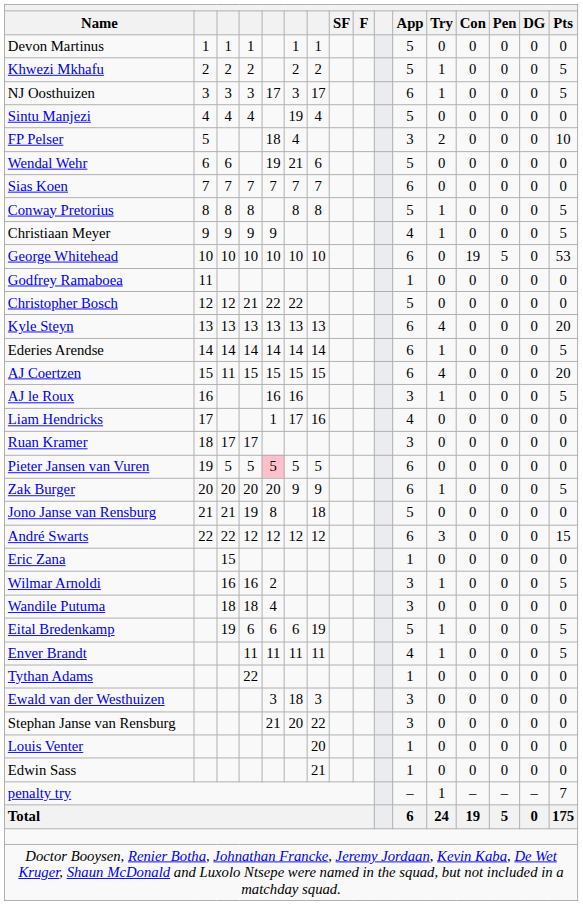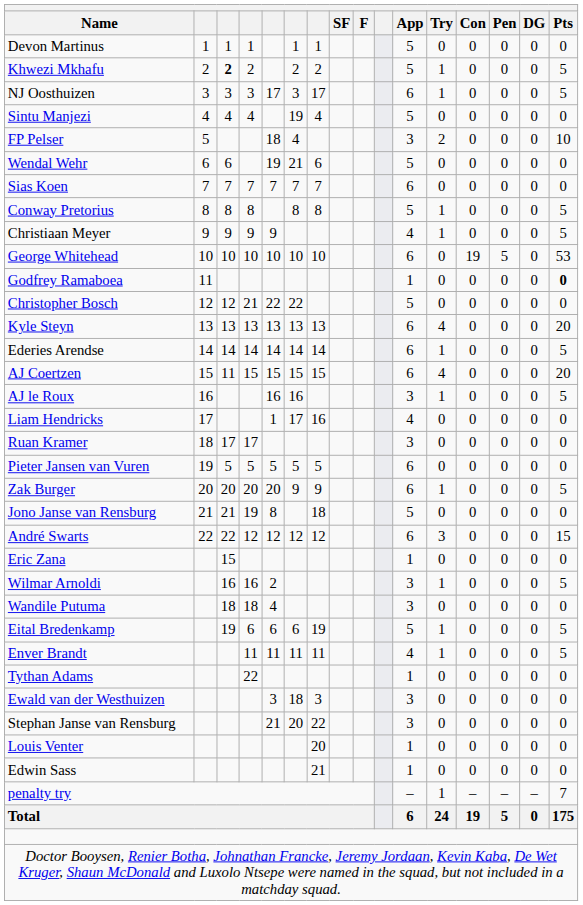 <table class="wikitable collapsible collapsed" style="text-align:center; font-size:100%; width:100%">
 <tr>
 <th colspan=16></th>
 </tr>
 <tr>
 <th style="width:40%;">Name</th>
 <th style="width:4%;"></th>
 <th style="width:4%;"></th>
 <th style="width:4%;"></th>
 <th style="width:4%;"></th>
 <th style="width:4%;"></th>
 <th style="width:4%;"></th>
 <th style="width:4%;">SF</th>
 <th style="width:4%;">F</th>
 <th style="width:4%;"></th>
 <th style="width:4%;">App</th>
 <th style="width:4%;">Try</th>
 <th style="width:4%;">Con</th>
 <th style="width:4%;">Pen</th>
 <th style="width:4%;">DG</th>
 <th style="width:4%;">Pts</th>
 </tr>
 <tr>
 <td style="text-align:left;">Devon Martinus</td>
 <td>1</td>
 <td>1</td>
 <td>1</td>
 <td></td>
 <td>1</td>
 <td>1</td>
 <td></td>
 <td></td>
 <td style="background:#EBECF0;"></td>
 <td>5</td>
 <td>0</td>
 <td>0</td>
 <td>0</td>
 <td>0</td>
 <td>0</td>
 </tr>
 <tr>
 <td style="text-align:left;"><a href='#'>Khwezi Mkhafu</a></td>
 <td>2</td>
-<td>2</td>
+<td><strong>2</strong></td>
 <td>2</td>
 <td></td>
 <td>2</td>
 <td>2</td>
 <td></td>
 <td></td>
 <td style="background:#EBECF0;"></td>
 <td>5</td>
 <td>1</td>
 <td>0</td>
 <td>0</td>
 <td>0</td>
 <td>5</td>
 </tr>
 <tr>
 <td style="text-align:left;">NJ Oosthuizen</td>
 <td>3</td>
 <td>3</td>
 <td>3</td>
 <td>17 </td>
 <td>3</td>
 <td>17 </td>
 <td></td>
 <td></td>
 <td style="background:#EBECF0;"></td>
 <td>6</td>
 <td>1</td>
 <td>0</td>
 <td>0</td>
 <td>0</td>
 <td>5</td>
 </tr>
 <tr>
 <td style="text-align:left;"><a href='#'>Sintu Manjezi</a></td>
 <td>4</td>
 <td>4</td>
 <td>4</td>
 <td></td>
 <td>19 </td>
 <td>4</td>
 <td></td>
 <td></td>
 <td style="background:#EBECF0;"></td>
 <td>5</td>
 <td>0</td>
 <td>0</td>
 <td>0</td>
 <td>0</td>
 <td>0</td>
 </tr>
 <tr>
 <td style="text-align:left;"><a href='#'>FP Pelser</a></td>
 <td>5</td>
 <td></td>
 <td></td>
 <td>18 </td>
 <td>4</td>
 <td></td>
 <td></td>
 <td></td>
 <td style="background:#EBECF0;"></td>
 <td>3</td>
 <td>2</td>
 <td>0</td>
 <td>0</td>
 <td>0</td>
 <td>10</td>
 </tr>
 <tr>
 <td style="text-align:left;"><a href='#'>Wendal Wehr</a></td>
 <td>6</td>
 <td>6</td>
 <td></td>
 <td>19 </td>
 <td>21 </td>
 <td>6</td>
 <td></td>
 <td></td>
 <td style="background:#EBECF0;"></td>
 <td>5</td>
 <td>0</td>
 <td>0</td>
 <td>0</td>
 <td>0</td>
 <td>0</td>
 </tr>
 <tr>
 <td style="text-align:left;"><a href='#'>Sias Koen</a></td>
 <td>7</td>
 <td>7</td>
 <td>7</td>
 <td>7</td>
 <td>7</td>
 <td>7</td>
 <td></td>
 <td></td>
 <td style="background:#EBECF0;"></td>
 <td>6</td>
 <td>0</td>
 <td>0</td>
 <td>0</td>
 <td>0</td>
 <td>0</td>
 </tr>
 <tr>
 <td style="text-align:left;"><a href='#'>Conway Pretorius</a></td>
 <td>8</td>
 <td>8</td>
 <td>8</td>
 <td></td>
 <td>8</td>
 <td>8</td>
 <td></td>
 <td></td>
 <td style="background:#EBECF0;"></td>
 <td>5</td>
 <td>1</td>
 <td>0</td>
 <td>0</td>
 <td>0</td>
 <td>5</td>
 </tr>
 <tr>
 <td style="text-align:left;">Christiaan Meyer</td>
 <td>9</td>
 <td>9</td>
 <td>9</td>
 <td>9</td>
 <td></td>
 <td></td>
 <td></td>
 <td></td>
 <td style="background:#EBECF0;"></td>
 <td>4</td>
 <td>1</td>
 <td>0</td>
 <td>0</td>
 <td>0</td>
 <td>5</td>
 </tr>
 <tr>
 <td style="text-align:left;"><a href='#'>George Whitehead</a></td>
 <td>10</td>
 <td>10</td>
 <td>10</td>
 <td>10</td>
 <td>10</td>
 <td>10</td>
 <td></td>
 <td></td>
 <td style="background:#EBECF0;"></td>
 <td>6</td>
 <td>0</td>
 <td>19</td>
 <td>5</td>
 <td>0</td>
 <td>53</td>
 </tr>
 <tr>
 <td style="text-align:left;"><a href='#'>Godfrey Ramaboea</a></td>
 <td>11</td>
 <td></td>
 <td></td>
 <td></td>
 <td></td>
 <td></td>
 <td></td>
 <td></td>
 <td style="background:#EBECF0;"></td>
 <td>1</td>
 <td>0</td>
 <td>0</td>
 <td>0</td>
 <td>0</td>
-<td>0</td>
+<td><strong>0</strong></td>
 </tr>
 <tr>
 <td style="text-align:left;"><a href='#'>Christopher Bosch</a></td>
 <td>12</td>
 <td>12</td>
 <td>21 </td>
 <td>22 </td>
 <td>22 </td>
 <td></td>
 <td></td>
 <td></td>
 <td style="background:#EBECF0;"></td>
 <td>5</td>
 <td>0</td>
 <td>0</td>
 <td>0</td>
 <td>0</td>
 <td>0</td>
 </tr>
 <tr>
 <td style="text-align:left;"><a href='#'>Kyle Steyn</a></td>
 <td>13</td>
 <td>13</td>
 <td>13</td>
 <td>13</td>
 <td>13</td>
 <td>13</td>
 <td></td>
 <td></td>
 <td style="background:#EBECF0;"></td>
 <td>6</td>
 <td>4</td>
 <td>0</td>
 <td>0</td>
 <td>0</td>
 <td>20</td>
 </tr>
 <tr>
 <td style="text-align:left;">Ederies Arendse</td>
 <td>14</td>
 <td>14</td>
 <td>14</td>
 <td>14</td>
 <td>14</td>
 <td>14</td>
 <td></td>
 <td></td>
 <td style="background:#EBECF0;"></td>
 <td>6</td>
 <td>1</td>
 <td>0</td>
 <td>0</td>
 <td>0</td>
 <td>5</td>
 </tr>
 <tr>
 <td style="text-align:left;"><a href='#'>AJ Coertzen</a></td>
 <td>15</td>
 <td>11</td>
 <td>15</td>
 <td>15</td>
 <td>15</td>
 <td>15</td>
 <td></td>
 <td></td>
 <td style="background:#EBECF0;"></td>
 <td>6</td>
 <td>4</td>
 <td>0</td>
 <td>0</td>
 <td>0</td>
 <td>20</td>
 </tr>
 <tr>
 <td style="text-align:left;"><a href='#'>AJ le Roux</a></td>
 <td>16 </td>
 <td></td>
 <td></td>
 <td>16 </td>
 <td>16 </td>
 <td></td>
 <td></td>
 <td></td>
 <td style="background:#EBECF0;"></td>
 <td>3</td>
 <td>1</td>
 <td>0</td>
 <td>0</td>
 <td>0</td>
 <td>5</td>
 </tr>
 <tr>
 <td style="text-align:left;"><a href='#'>Liam Hendricks</a></td>
 <td>17 </td>
 <td></td>
 <td></td>
 <td>1</td>
 <td>17 </td>
 <td>16 </td>
 <td></td>
 <td></td>
 <td style="background:#EBECF0;"></td>
 <td>4</td>
 <td>0</td>
 <td>0</td>
 <td>0</td>
 <td>0</td>
 <td>0</td>
 </tr>
 <tr>
 <td style="text-align:left;"><a href='#'>Ruan Kramer</a></td>
 <td>18 </td>
 <td>17 </td>
 <td>17 </td>
 <td></td>
 <td></td>
 <td></td>
 <td></td>
 <td></td>
 <td style="background:#EBECF0;"></td>
 <td>3</td>
 <td>0</td>
 <td>0</td>
 <td>0</td>
 <td>0</td>
 <td>0</td>
 </tr>
 <tr>
 <td style="text-align:left;"><a href='#'>Pieter Jansen van Vuren</a></td>
 <td>19 </td>
 <td>5</td>
 <td>5</td>
-<td style="background: pink;">5</td>
+<td>5</td>
 <td>5</td>
 <td>5</td>
 <td></td>
 <td></td>
 <td style="background:#EBECF0;"></td>
 <td>6</td>
 <td>0</td>
 <td>0</td>
 <td>0</td>
 <td>0</td>
 <td>0</td>
 </tr>
 <tr>
 <td style="text-align:left;"><a href='#'>Zak Burger</a></td>
 <td>20 </td>
 <td>20 </td>
 <td>20 </td>
 <td>20 </td>
 <td>9</td>
 <td>9</td>
 <td></td>
 <td></td>
 <td style="background:#EBECF0;"></td>
 <td>6</td>
 <td>1</td>
 <td>0</td>
 <td>0</td>
 <td>0</td>
 <td>5</td>
 </tr>
 <tr>
 <td style="text-align:left;"><a href='#'>Jono Janse van Rensburg</a></td>
 <td>21 </td>
 <td>21 </td>
 <td>19 </td>
 <td>8</td>
 <td></td>
 <td>18 </td>
 <td></td>
 <td></td>
 <td style="background:#EBECF0;"></td>
 <td>5</td>
 <td>0</td>
 <td>0</td>
 <td>0</td>
 <td>0</td>
 <td>0</td>
 </tr>
 <tr>
 <td style="text-align:left;"><a href='#'>André Swarts</a></td>
 <td>22 </td>
 <td>22 </td>
 <td>12</td>
 <td>12</td>
 <td>12</td>
 <td>12</td>
 <td></td>
 <td></td>
 <td style="background:#EBECF0;"></td>
 <td>6</td>
 <td>3</td>
 <td>0</td>
 <td>0</td>
 <td>0</td>
 <td>15</td>
 </tr>
 <tr>
 <td style="text-align:left;"><a href='#'>Eric Zana</a></td>
 <td></td>
 <td>15</td>
 <td></td>
 <td></td>
 <td></td>
 <td></td>
 <td></td>
 <td></td>
 <td style="background:#EBECF0;"></td>
 <td>1</td>
 <td>0</td>
 <td>0</td>
 <td>0</td>
 <td>0</td>
 <td>0</td>
 </tr>
 <tr>
 <td style="text-align:left;"><a href='#'>Wilmar Arnoldi</a></td>
 <td></td>
 <td>16 </td>
 <td>16 </td>
 <td>2</td>
 <td></td>
 <td></td>
 <td></td>
 <td></td>
 <td style="background:#EBECF0;"></td>
 <td>3</td>
 <td>1</td>
 <td>0</td>
 <td>0</td>
 <td>0</td>
 <td>5</td>
 </tr>
 <tr>
 <td style="text-align:left;"><a href='#'>Wandile Putuma</a></td>
 <td></td>
 <td>18 </td>
 <td>18 </td>
 <td>4</td>
 <td></td>
 <td></td>
 <td></td>
 <td></td>
 <td style="background:#EBECF0;"></td>
 <td>3</td>
 <td>0</td>
 <td>0</td>
 <td>0</td>
 <td>0</td>
 <td>0</td>
 </tr>
 <tr>
 <td style="text-align:left;"><a href='#'>Eital Bredenkamp</a></td>
 <td></td>
 <td>19 </td>
 <td>6</td>
 <td>6</td>
 <td>6</td>
 <td>19 </td>
 <td></td>
 <td></td>
 <td style="background:#EBECF0;"></td>
 <td>5</td>
 <td>1</td>
 <td>0</td>
 <td>0</td>
 <td>0</td>
 <td>5</td>
 </tr>
 <tr>
 <td style="text-align:left;"><a href='#'>Enver Brandt</a></td>
 <td></td>
 <td></td>
 <td>11</td>
 <td>11</td>
 <td>11</td>
 <td>11</td>
 <td></td>
 <td></td>
 <td style="background:#EBECF0;"></td>
 <td>4</td>
 <td>1</td>
 <td>0</td>
 <td>0</td>
 <td>0</td>
 <td>5</td>
 </tr>
 <tr>
 <td style="text-align:left;"><a href='#'>Tythan Adams</a></td>
 <td></td>
 <td></td>
 <td>22 </td>
 <td></td>
 <td></td>
 <td></td>
 <td></td>
 <td></td>
 <td style="background:#EBECF0;"></td>
 <td>1</td>
 <td>0</td>
 <td>0</td>
 <td>0</td>
 <td>0</td>
 <td>0</td>
 </tr>
 <tr>
 <td style="text-align:left;"><a href='#'>Ewald van der Westhuizen</a></td>
 <td></td>
 <td></td>
 <td></td>
 <td>3</td>
 <td>18 </td>
 <td>3</td>
 <td></td>
 <td></td>
 <td style="background:#EBECF0;"></td>
 <td>3</td>
 <td>0</td>
 <td>0</td>
 <td>0</td>
 <td>0</td>
 <td>0</td>
 </tr>
 <tr>
 <td style="text-align:left;">Stephan Janse van Rensburg</td>
 <td></td>
 <td></td>
 <td></td>
 <td>21 </td>
 <td>20 </td>
 <td>22 </td>
 <td></td>
 <td></td>
 <td style="background:#EBECF0;"></td>
 <td>3</td>
 <td>0</td>
 <td>0</td>
 <td>0</td>
 <td>0</td>
 <td>0</td>
 </tr>
 <tr>
 <td style="text-align:left;"><a href='#'>Louis Venter</a></td>
 <td></td>
 <td></td>
 <td></td>
 <td></td>
 <td></td>
 <td>20 </td>
 <td></td>
 <td></td>
 <td style="background:#EBECF0;"></td>
 <td>1</td>
 <td>0</td>
 <td>0</td>
 <td>0</td>
 <td>0</td>
 <td>0</td>
 </tr>
 <tr>
 <td style="text-align:left;">Edwin Sass</td>
 <td></td>
 <td></td>
 <td></td>
 <td></td>
 <td></td>
 <td>21 </td>
 <td></td>
 <td></td>
 <td style="background:#EBECF0;"></td>
 <td>1</td>
 <td>0</td>
 <td>0</td>
 <td>0</td>
 <td>0</td>
 <td>0</td>
 </tr>
 <tr>
 <td colspan="9" style="text-align:left;"><a href='#'>penalty try</a></td>
 <td style="background:#EBECF0;"></td>
 <td>–</td>
 <td>1</td>
 <td>–</td>
 <td>–</td>
 <td>–</td>
 <td>7</td>
 </tr>
 <tr>
 <th colspan="9" style="text-align:left;">Total</th>
 <th style="background:#EBECF0;"></th>
 <th>6</th>
 <th>24</th>
 <th>19</th>
 <th>5</th>
 <th>0</th>
 <th>175</th>
 </tr>
 <tr class="sortbottom">
 <td colspan=16 style="height: 10px;"></td>
 </tr>
 <tr class="sortbottom">
 <td colspan=16 style="text-align:center;"><em>Doctor Booysen, <a href='#'>Renier Botha</a>, <a href='#'>Johnathan Francke</a>, <a href='#'>Jeremy Jordaan</a>, <a href='#'>Kevin Kaba</a>, <a href='#'>De Wet Kruger</a>, <a href='#'>Shaun McDonald</a> and Luxolo Ntsepe were named in the squad, but not included in a matchday squad.</em></td>
 </tr>
 </table>
